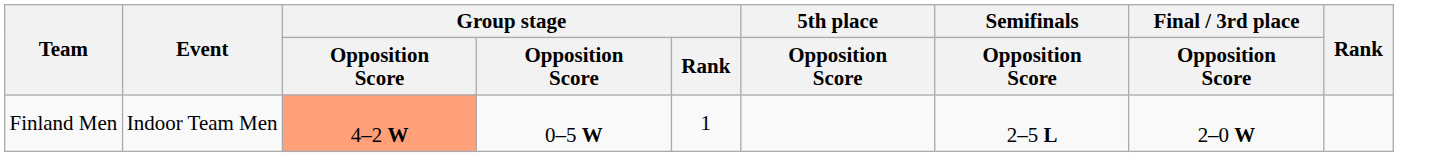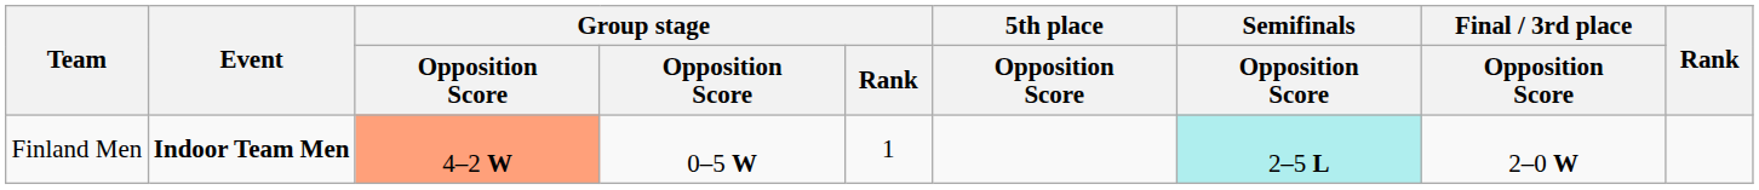 <table class="wikitable" style="white-space:nowrap">
 <tr>
 <th rowspan=2>Team</th>
 <th rowspan=2>Event</th>
 <th colspan=3>Group stage</th>
 <th>5th place</th>
 <th>Semifinals</th>
 <th>Final / 3rd place</th>
 <th rowspan=2 width=5%>Rank</th>
 </tr>
 <tr>
 <th width=14%>Opposition<br>Score</th>
 <th width=14%>Opposition<br>Score</th>
 <th width=5%>Rank</th>
 <th width=14%>Opposition<br>Score</th>
 <th width=14%>Opposition<br>Score</th>
 <th width=14%>Opposition<br>Score</th>
 </tr>
 <tr align=center>
 <td align=left>Finland Men</td>
-<td align=left>Indoor Team Men</td>
+<td align=left><strong>Indoor Team Men</strong></td>
 <td style="background: lightsalmon;"><br>4–2 <strong>W</strong></td>
 <td><br>0–5 <strong>W</strong></td>
 <td>1</td>
 <td></td>
-<td><br>2–5 <strong>L</strong></td>
+<td style="background: paleturquoise;"><br>2–5 <strong>L</strong></td>
 <td><br>2–0 <strong>W</strong></td>
 <td></td>
 </tr>
 </table>
